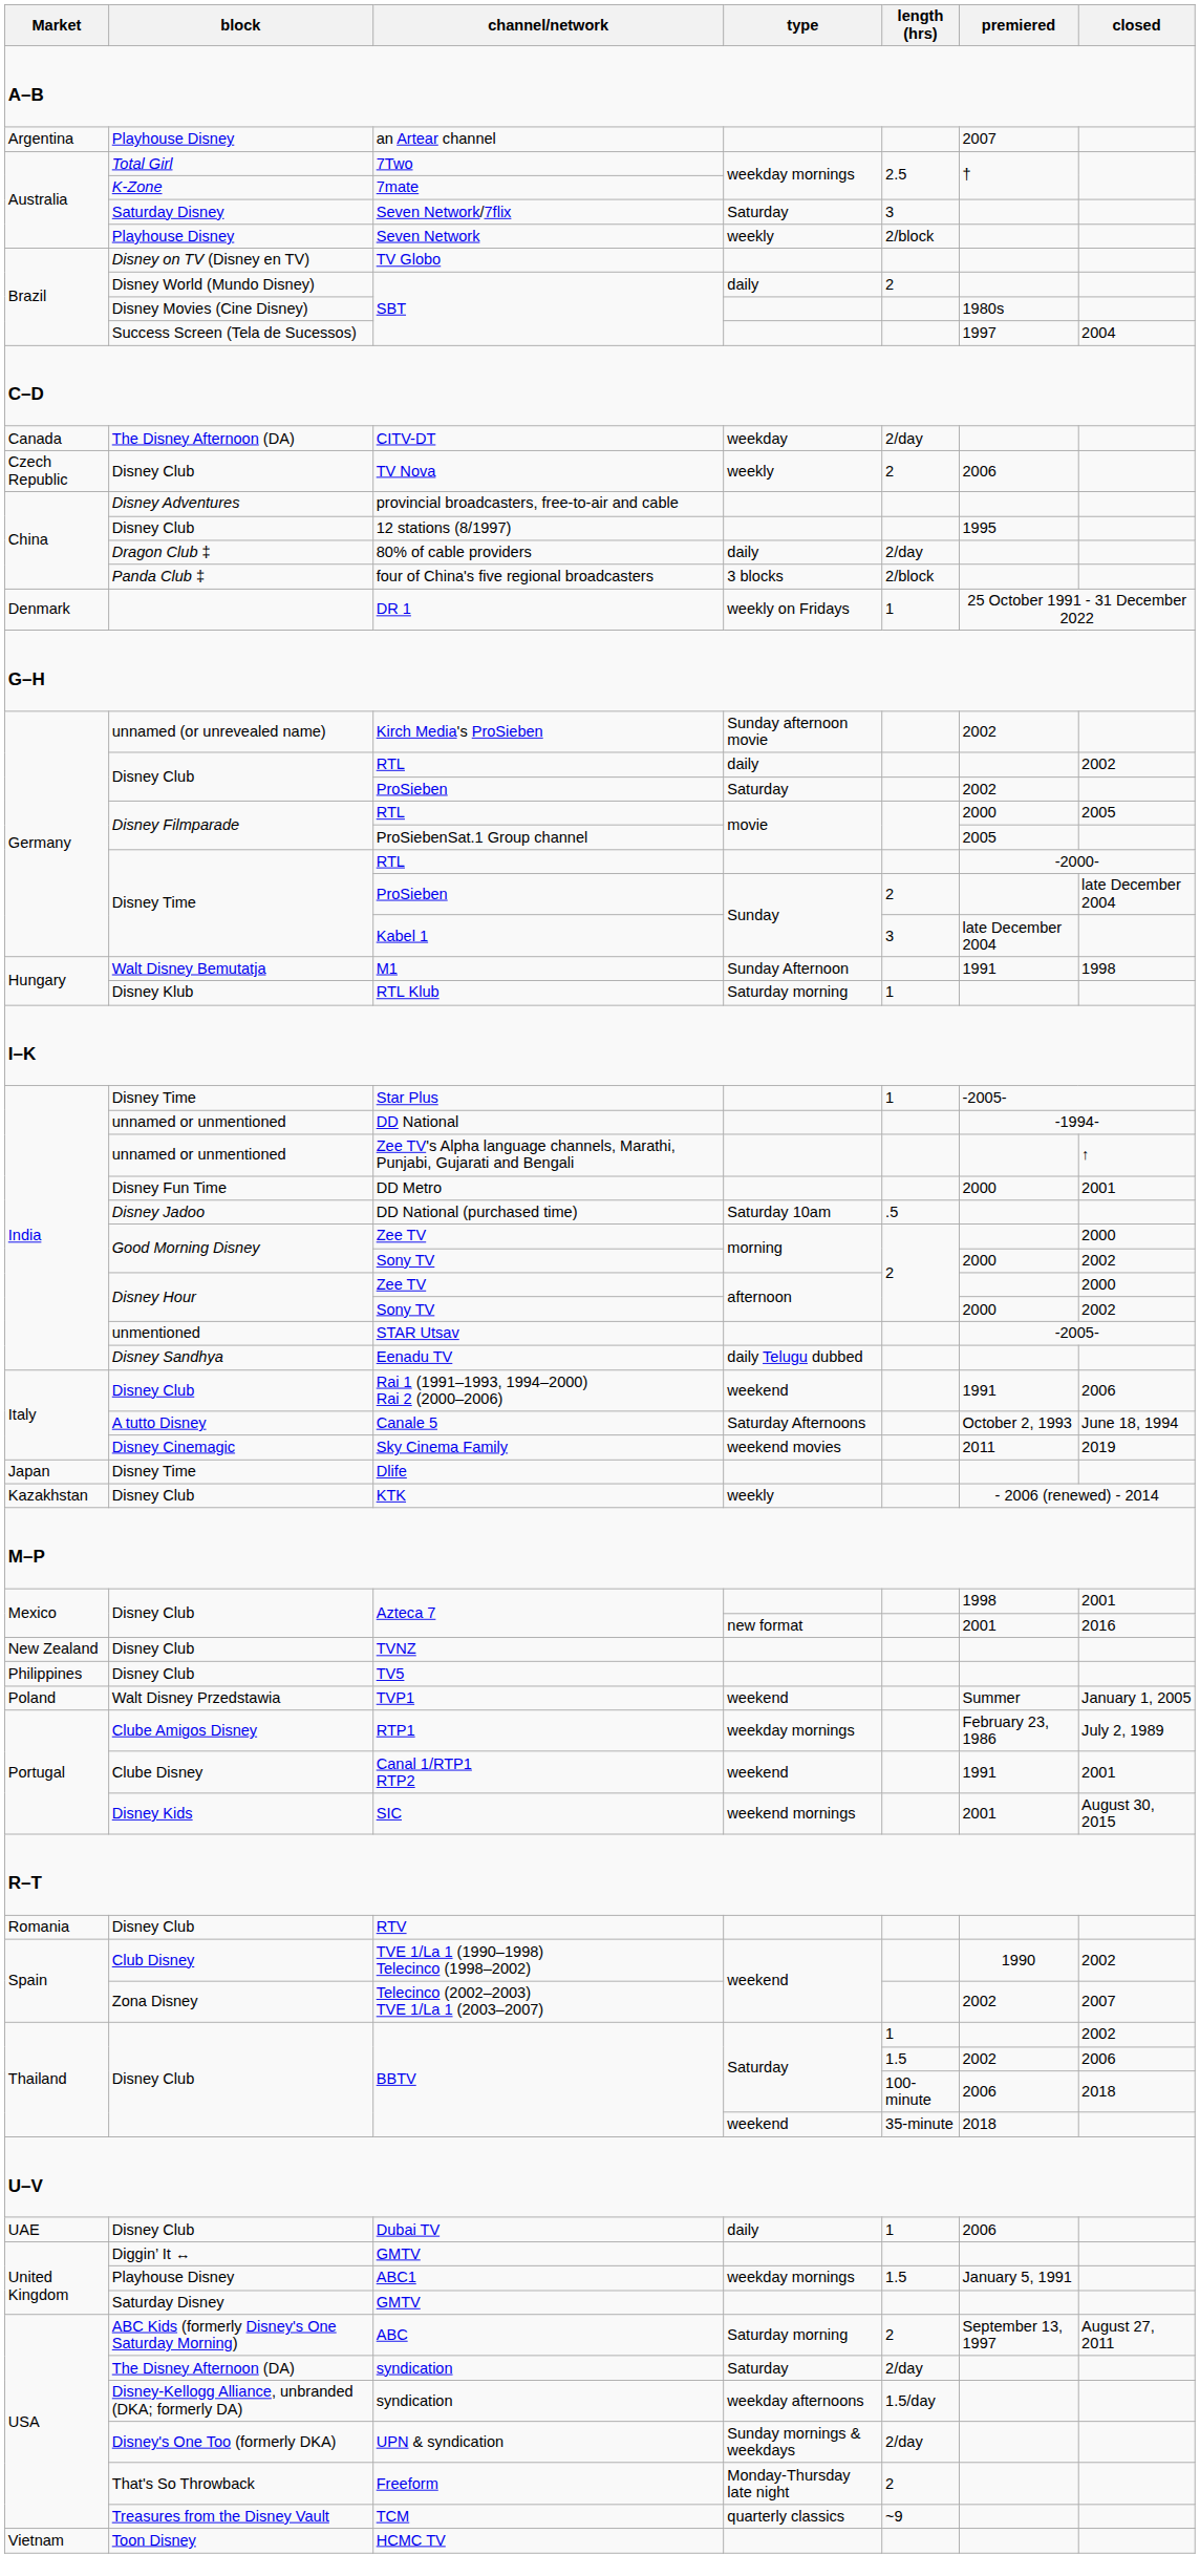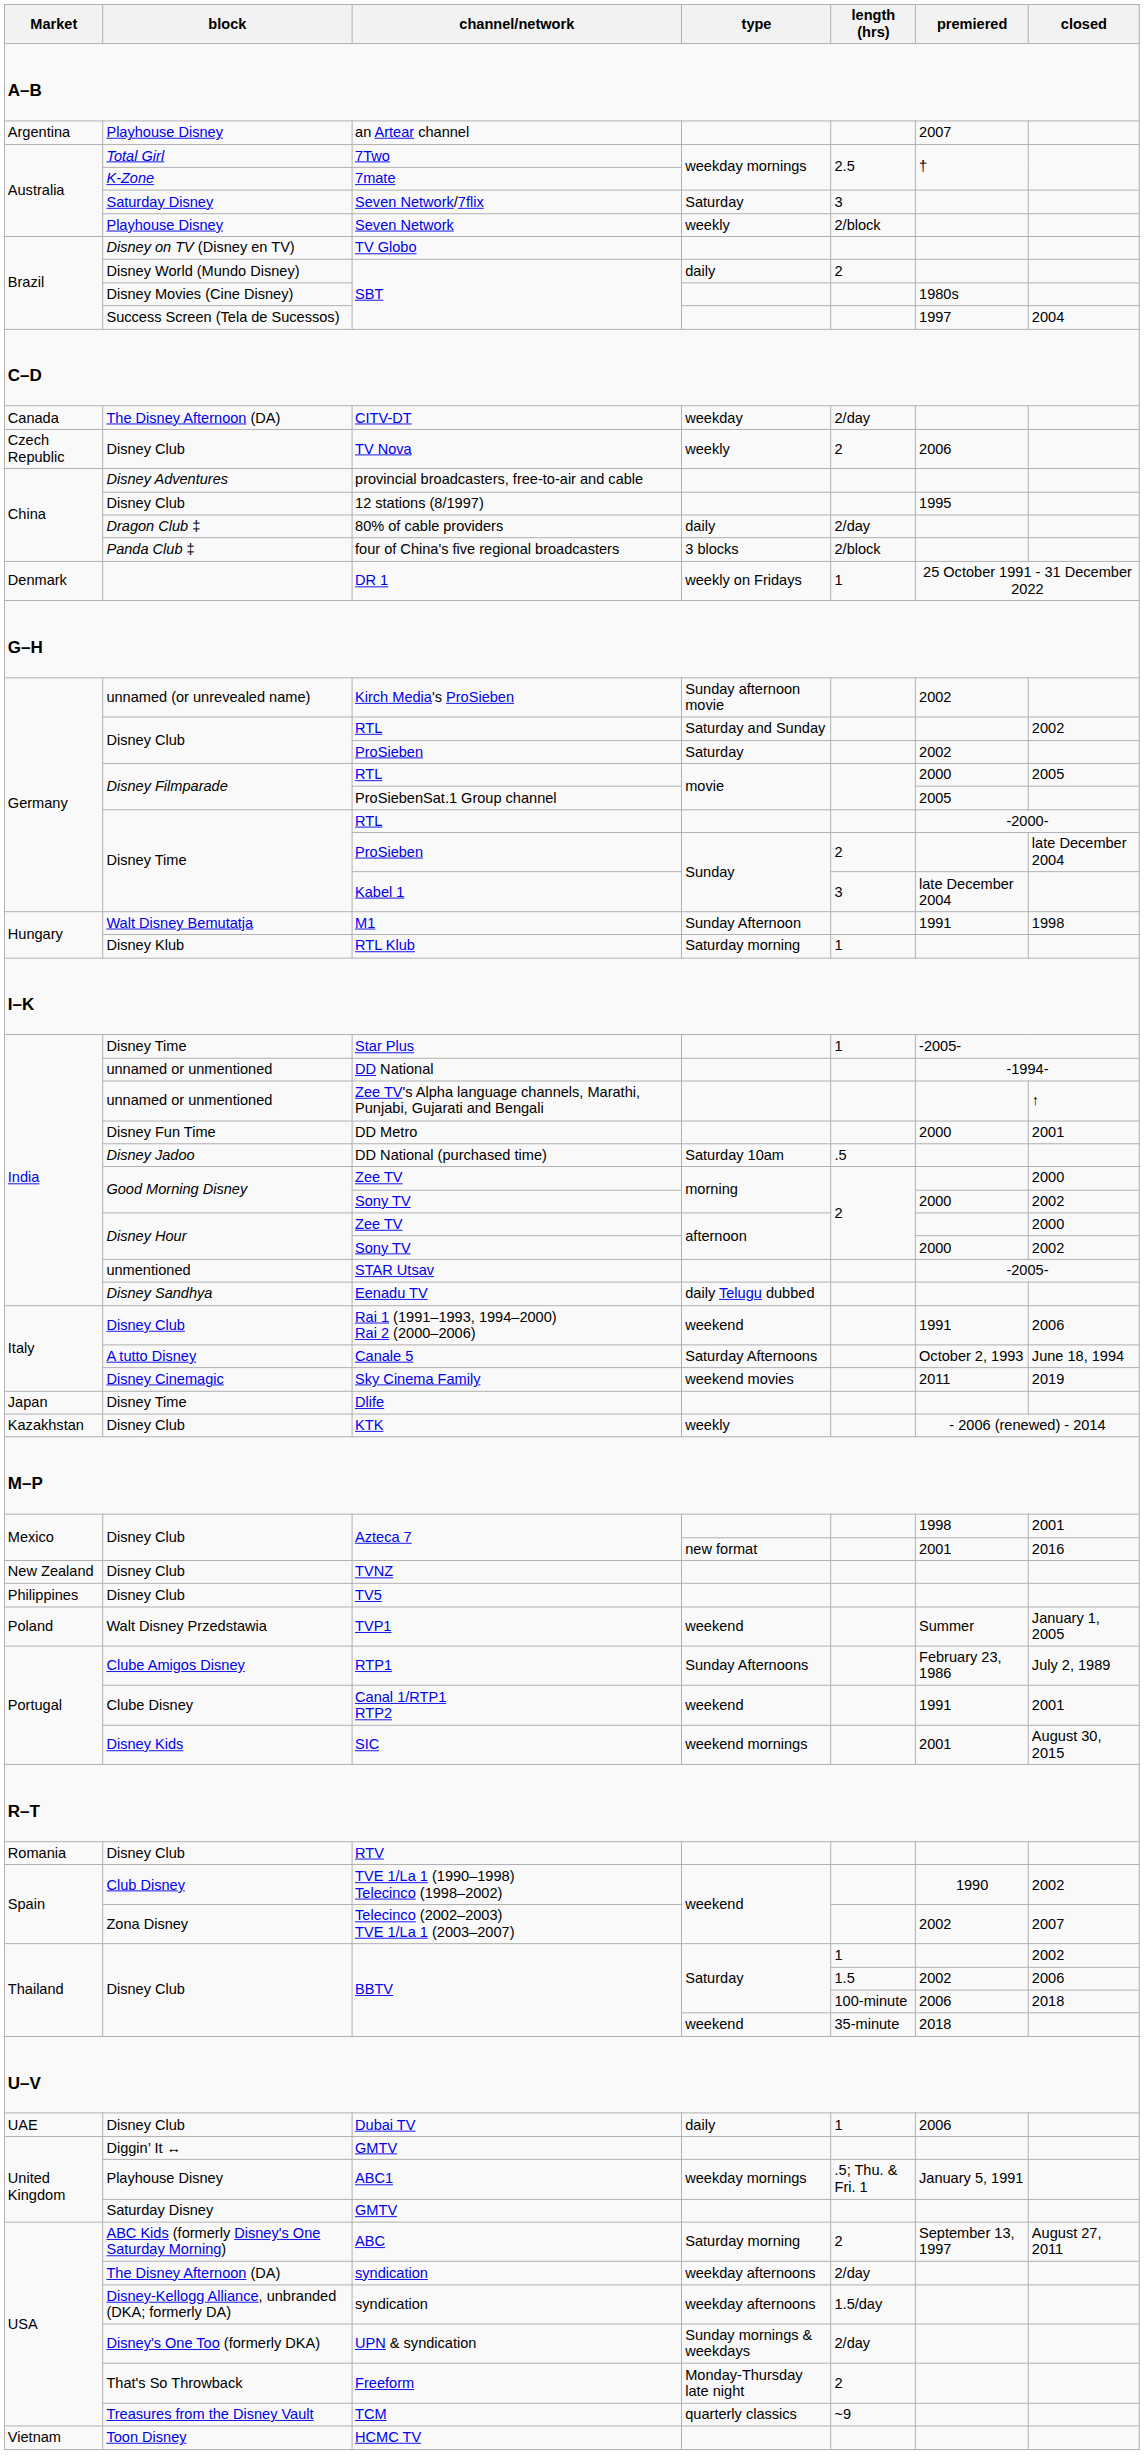 <table class="wikitable sortable">
 <tr>
 <th>Market</th>
 <th>block</th>
 <th>channel/network</th>
 <th>type</th>
 <th>length (hrs)</th>
 <th>premiered</th>
 <th>closed</th>
 </tr>
 <tr>
 <td colspan=7><br><h3>A–B</h3></td>
 </tr>
 <tr>
 <td>Argentina</td>
 <td><a href='#'>Playhouse Disney</a></td>
 <td>an <a href='#'>Artear</a> channel</td>
 <td></td>
 <td></td>
 <td>2007</td>
 <td></td>
 </tr>
 <tr>
 <td rowspan=4>Australia</td>
 <td><em><a href='#'>Total Girl</a></em></td>
 <td><a href='#'>7Two</a></td>
 <td rowspan=2>weekday mornings</td>
 <td rowspan=2>2.5</td>
 <td rowspan=2> †</td>
 <td rowspan=2></td>
 </tr>
 <tr>
 <td><em><a href='#'>K-Zone</a></em></td>
 <td><a href='#'>7mate</a></td>
 </tr>
 <tr>
 <td><a href='#'>Saturday Disney</a></td>
 <td><a href='#'>Seven Network</a>/<a href='#'>7flix</a></td>
 <td>Saturday</td>
 <td>3</td>
 <td></td>
 <td></td>
 </tr>
 <tr>
 <td><a href='#'>Playhouse Disney</a></td>
 <td><a href='#'>Seven Network</a></td>
 <td>weekly</td>
 <td>2/block</td>
 <td></td>
 <td></td>
 </tr>
 <tr>
 <td rowspan=4>Brazil</td>
 <td><em>Disney on TV</em> (Disney en TV)</td>
 <td><a href='#'>TV Globo</a></td>
 <td></td>
 <td></td>
 <td></td>
 <td></td>
 </tr>
 <tr>
 <td>Disney World (Mundo Disney)</td>
 <td rowspan=3><a href='#'>SBT</a></td>
 <td>daily</td>
 <td>2</td>
 <td></td>
 <td></td>
 </tr>
 <tr>
 <td>Disney Movies (Cine Disney)</td>
 <td></td>
 <td></td>
 <td>1980s</td>
 <td></td>
 </tr>
 <tr>
 <td>Success Screen (Tela de Sucessos)</td>
 <td></td>
 <td></td>
 <td>1997</td>
 <td>2004</td>
 </tr>
 <tr>
 <td colspan=7><br><h3>C–D</h3></td>
 </tr>
 <tr>
 <td>Canada</td>
 <td><a href='#'>The Disney Afternoon</a> (DA)</td>
 <td><a href='#'>CITV-DT</a></td>
 <td>weekday</td>
 <td>2/day</td>
 <td></td>
 <td></td>
 </tr>
 <tr>
 <td>Czech Republic</td>
 <td>Disney Club</td>
 <td><a href='#'>TV Nova</a></td>
 <td>weekly</td>
 <td>2</td>
 <td>2006</td>
 <td></td>
 </tr>
 <tr>
 <td rowspan=4>China</td>
 <td><em>Disney Adventures</em></td>
 <td>provincial broadcasters, free-to-air and cable</td>
 <td></td>
 <td></td>
 <td></td>
 <td></td>
 </tr>
 <tr>
 <td>Disney Club</td>
 <td>12 stations (8/1997)</td>
 <td></td>
 <td></td>
 <td>1995</td>
 <td></td>
 </tr>
 <tr>
 <td><em>Dragon Club</em> ‡</td>
 <td>80% of cable providers</td>
 <td>daily</td>
 <td>2/day</td>
 <td></td>
 <td></td>
 </tr>
 <tr>
 <td><em>Panda Club</em> ‡</td>
 <td>four of China's five regional broadcasters</td>
 <td>3 blocks</td>
 <td>2/block</td>
 <td></td>
 <td></td>
 </tr>
 <tr>
 <td>Denmark</td>
 <td><em></em></td>
 <td><a href='#'>DR 1</a></td>
 <td>weekly on Fridays</td>
 <td>1</td>
 <td colspan=2 align=center>25 October 1991 - 31 December 2022</td>
 </tr>
 <tr>
 <td colspan=7><br><h3>G–H</h3></td>
 </tr>
 <tr>
 <td rowspan=8><br>Germany</td>
 <td>unnamed (or unrevealed name)</td>
 <td><a href='#'>Kirch Media</a>'s <a href='#'>ProSieben</a></td>
 <td>Sunday afternoon movie</td>
 <td></td>
 <td>2002</td>
 <td></td>
 </tr>
 <tr>
 <td rowspan=2>Disney Club</td>
 <td><a href='#'>RTL</a></td>
-<td>daily</td>
+<td>Saturday and Sunday</td>
 <td></td>
 <td></td>
 <td>2002</td>
 </tr>
 <tr>
 <td><a href='#'>ProSieben</a></td>
 <td>Saturday</td>
 <td></td>
 <td>2002</td>
 <td></td>
 </tr>
 <tr>
 <td rowspan=2><em>Disney Filmparade</em></td>
 <td><a href='#'>RTL</a></td>
 <td rowspan=2>movie</td>
 <td rowspan=2></td>
 <td>2000</td>
 <td>2005</td>
 </tr>
 <tr>
 <td>ProSiebenSat.1 Group channel</td>
 <td>2005</td>
 <td></td>
 </tr>
 <tr>
 <td rowspan=3>Disney Time</td>
 <td><a href='#'>RTL</a></td>
 <td></td>
 <td></td>
 <td colspan=2 align=center>-2000-</td>
 </tr>
 <tr>
 <td><a href='#'>ProSieben</a></td>
 <td rowspan=2>Sunday</td>
 <td>2</td>
 <td></td>
 <td>late December 2004</td>
 </tr>
 <tr>
 <td><a href='#'>Kabel 1</a></td>
 <td>3</td>
 <td>late December 2004</td>
 <td></td>
 </tr>
 <tr>
 <td rowspan=2>Hungary</td>
 <td><a href='#'>Walt Disney Bemutatja</a></td>
 <td><a href='#'>M1</a></td>
 <td>Sunday Afternoon</td>
 <td></td>
 <td>1991</td>
 <td>1998</td>
 </tr>
 <tr>
 <td>Disney Klub</td>
 <td><a href='#'>RTL Klub</a></td>
 <td>Saturday morning</td>
 <td>1</td>
 <td></td>
 <td></td>
 </tr>
 <tr>
 <td colspan=7><br><h3>I–K</h3></td>
 </tr>
 <tr>
 <td rowspan="11"><br><a href='#'>India</a></td>
 <td>Disney Time</td>
 <td><a href='#'>Star Plus</a></td>
 <td></td>
 <td>1</td>
 <td colspan=2>-2005-</td>
 </tr>
 <tr>
 <td>unnamed or unmentioned</td>
 <td><a href='#'>DD</a> National</td>
 <td></td>
 <td></td>
 <td colspan=2 align=center>-1994-</td>
 </tr>
 <tr>
 <td>unnamed or unmentioned</td>
 <td><a href='#'>Zee TV</a>'s Alpha language channels, Marathi, Punjabi, Gujarati and Bengali</td>
 <td></td>
 <td></td>
 <td></td>
 <td> ↑</td>
 </tr>
 <tr>
 <td>Disney Fun Time</td>
 <td>DD Metro</td>
 <td></td>
 <td></td>
 <td>2000</td>
 <td>2001</td>
 </tr>
 <tr>
 <td><em>Disney Jadoo</em></td>
 <td>DD National  (purchased time)</td>
 <td>Saturday 10am</td>
 <td>.5</td>
 <td></td>
 <td></td>
 </tr>
 <tr>
 <td rowspan=2><em>Good Morning Disney</em></td>
 <td><a href='#'>Zee TV</a></td>
 <td rowspan=2>morning</td>
 <td rowspan=4>2</td>
 <td></td>
 <td>2000</td>
 </tr>
 <tr>
 <td><a href='#'>Sony TV</a></td>
 <td>2000</td>
 <td>2002</td>
 </tr>
 <tr>
 <td rowspan=2><em>Disney Hour</em></td>
 <td><a href='#'>Zee TV</a></td>
 <td rowspan=2>afternoon</td>
 <td></td>
 <td>2000</td>
 </tr>
 <tr>
 <td><a href='#'>Sony TV</a></td>
 <td>2000</td>
 <td>2002</td>
 </tr>
 <tr>
 <td>unmentioned</td>
 <td><a href='#'>STAR Utsav</a></td>
 <td></td>
 <td></td>
 <td colspan=2 align=center>-2005-</td>
 </tr>
 <tr>
 <td><em>Disney Sandhya</em></td>
 <td><a href='#'>Eenadu TV</a></td>
 <td>daily <a href='#'>Telugu</a> dubbed</td>
 <td></td>
 <td></td>
 <td></td>
 </tr>
 <tr>
 <td rowspan=3>Italy</td>
 <td><a href='#'>Disney Club</a></td>
 <td><a href='#'>Rai 1</a> (1991–1993, 1994–2000)<br><a href='#'>Rai 2</a> (2000–2006)</td>
 <td>weekend</td>
 <td></td>
 <td>1991</td>
 <td>2006</td>
 </tr>
 <tr>
 <td><a href='#'>A tutto Disney</a></td>
 <td><a href='#'>Canale 5</a></td>
 <td>Saturday Afternoons</td>
 <td></td>
 <td>October 2, 1993</td>
 <td>June 18, 1994</td>
 </tr>
 <tr>
 <td><a href='#'>Disney Cinemagic</a></td>
 <td><a href='#'>Sky Cinema Family</a></td>
 <td>weekend movies</td>
 <td></td>
 <td>2011</td>
 <td>2019</td>
 </tr>
 <tr>
 <td>Japan</td>
 <td>Disney Time</td>
 <td><a href='#'>Dlife</a></td>
 <td></td>
 <td></td>
 <td></td>
 <td></td>
 </tr>
 <tr>
 <td>Kazakhstan</td>
 <td>Disney Club</td>
 <td><a href='#'>KTK</a></td>
 <td>weekly</td>
 <td></td>
 <td colspan=2 align=center>- 2006 (renewed) - 2014</td>
 </tr>
 <tr>
 <td colspan=7><br><h3>M–P</h3></td>
 </tr>
 <tr>
 <td rowspan=2>Mexico</td>
 <td rowspan=2>Disney Club</td>
 <td rowspan=2><a href='#'>Azteca 7</a></td>
 <td></td>
 <td></td>
 <td>1998</td>
 <td>2001</td>
 </tr>
 <tr>
 <td>new format</td>
 <td></td>
 <td>2001</td>
 <td>2016</td>
 </tr>
 <tr>
 <td>New Zealand</td>
 <td>Disney Club</td>
 <td><a href='#'>TVNZ</a></td>
 <td></td>
 <td></td>
 <td></td>
 <td></td>
 </tr>
 <tr>
 <td>Philippines</td>
 <td>Disney Club</td>
 <td><a href='#'>TV5</a></td>
 <td></td>
 <td></td>
 <td></td>
 </tr>
 <tr>
 <td>Poland</td>
 <td>Walt Disney Przedstawia</td>
 <td><a href='#'>TVP1</a></td>
 <td>weekend</td>
 <td></td>
 <td> Summer</td>
 <td>January 1, 2005</td>
 </tr>
 <tr>
 <td rowspan=3>Portugal</td>
 <td><a href='#'>Clube Amigos Disney</a></td>
 <td><a href='#'>RTP1</a></td>
-<td>weekday mornings</td>
+<td>Sunday Afternoons</td>
 <td></td>
 <td>February 23, 1986</td>
 <td>July 2, 1989</td>
 </tr>
 <tr>
 <td>Clube Disney</td>
 <td><a href='#'>Canal 1/RTP1</a><br><a href='#'>RTP2</a></td>
 <td>weekend</td>
 <td></td>
 <td>1991</td>
 <td>2001</td>
 </tr>
 <tr>
 <td><a href='#'>Disney Kids</a></td>
 <td><a href='#'>SIC</a></td>
 <td>weekend mornings</td>
 <td></td>
 <td>2001</td>
 <td>August 30, 2015</td>
 </tr>
 <tr>
 <td colspan=8><br><h3>R–T</h3></td>
 </tr>
 <tr>
 <td>Romania</td>
 <td>Disney Club</td>
 <td><a href='#'>RTV</a></td>
 <td></td>
 <td></td>
 <td></td>
 <td></td>
 </tr>
 <tr>
 <td rowspan=2>Spain</td>
 <td><a href='#'>Club Disney</a></td>
 <td><a href='#'>TVE 1/La 1</a> (1990–1998)<br><a href='#'>Telecinco</a> (1998–2002)</td>
 <td rowspan=2>weekend</td>
 <td></td>
 <td align="center">1990</td>
 <td>2002</td>
 </tr>
 <tr>
 <td>Zona Disney</td>
 <td><a href='#'>Telecinco</a> (2002–2003)<br><a href='#'>TVE 1/La 1</a> (2003–2007)</td>
 <td></td>
 <td>2002</td>
 <td>2007</td>
 </tr>
 <tr>
 <td rowspan=4>Thailand</td>
 <td rowspan=4>Disney Club</td>
 <td rowspan=4><a href='#'>BBTV</a></td>
 <td rowspan=3>Saturday</td>
 <td>1</td>
 <td></td>
 <td>2002</td>
 </tr>
 <tr>
 <td>1.5</td>
 <td>2002</td>
 <td>2006</td>
 </tr>
 <tr>
 <td>100-minute</td>
 <td>2006</td>
 <td>2018</td>
 </tr>
 <tr>
 <td>weekend</td>
 <td>35-minute</td>
 <td>2018</td>
 <td></td>
 </tr>
 <tr>
 <td colspan=7><br><h3>U–V</h3></td>
 </tr>
 <tr>
 <td>UAE</td>
 <td>Disney Club</td>
 <td><a href='#'>Dubai TV</a></td>
 <td>daily</td>
 <td>1</td>
 <td>2006</td>
 <td></td>
 </tr>
 <tr>
 <td rowspan=3><br>United Kingdom</td>
 <td>Diggin’ It  ↔</td>
 <td><a href='#'>GMTV</a></td>
 <td></td>
 <td></td>
 <td></td>
 <td></td>
 </tr>
 <tr>
 <td>Playhouse Disney</td>
 <td><a href='#'>ABC1</a></td>
 <td>weekday mornings</td>
-<td>1.5</td>
+<td>.5; Thu. & Fri. 1</td>
 <td>January 5, 1991</td>
 <td></td>
 </tr>
 <tr>
 <td>Saturday Disney</td>
 <td><a href='#'>GMTV</a></td>
 <td></td>
 <td></td>
 <td></td>
 <td></td>
 </tr>
 <tr>
 <td rowspan=6>USA</td>
 <td><a href='#'>ABC Kids</a> (formerly <a href='#'>Disney's One Saturday Morning</a>)</td>
 <td><a href='#'>ABC</a></td>
 <td>Saturday morning</td>
 <td>2</td>
 <td>September 13, 1997</td>
 <td>August 27, 2011</td>
 </tr>
 <tr>
 <td><a href='#'>The Disney Afternoon</a> (DA)</td>
 <td><a href='#'>syndication</a></td>
-<td>Saturday</td>
+<td>weekday afternoons</td>
 <td>2/day</td>
 <td></td>
 <td></td>
 </tr>
 <tr>
 <td><a href='#'>Disney-Kellogg Alliance</a>, unbranded (DKA; formerly DA)</td>
 <td>syndication</td>
 <td>weekday afternoons</td>
 <td>1.5/day</td>
 <td></td>
 <td></td>
 </tr>
 <tr>
 <td><a href='#'>Disney's One Too</a> (formerly DKA)</td>
 <td><a href='#'>UPN</a> & syndication</td>
 <td>Sunday mornings & weekdays</td>
 <td>2/day</td>
 <td></td>
 <td></td>
 </tr>
 <tr>
 <td>That's So Throwback</td>
 <td><a href='#'>Freeform</a></td>
 <td>Monday-Thursday late night</td>
 <td>2</td>
 <td></td>
 <td></td>
 </tr>
 <tr>
 <td><a href='#'>Treasures from the Disney Vault</a></td>
 <td><a href='#'>TCM</a></td>
 <td>quarterly classics</td>
 <td>~9</td>
 <td></td>
 <td></td>
 </tr>
 <tr>
 <td>Vietnam</td>
 <td><a href='#'>Toon Disney</a></td>
 <td><a href='#'>HCMC TV</a></td>
 <td></td>
 <td></td>
 <td></td>
 <td></td>
 </tr>
 </table>
